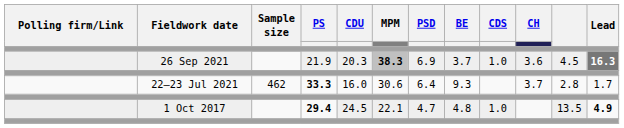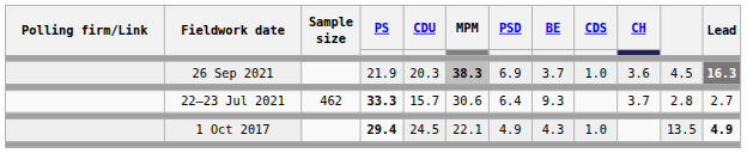 <table class="wikitable sortable mw-datatable" style="text-align:center;font-size:90%;line-height:16px;">
 <tr style="height:42px;">
 <th style="width:145px;" rowspan="2">Polling firm/Link</th>
 <th style="width:125px;" rowspan="2">Fieldwork date</th>
 <th class="unsortable" style="width:50px;" rowspan="2">Sample size</th>
 <th class="unsortable" style="width:35px;"><a href='#'>PS</a></th>
 <th class="unsortable" style="width:35px;"><a href='#'>CDU</a></th>
 <th class="unsortable" style="width:35px;">MPM</th>
 <th class="unsortable" style="width:35px;"><a href='#'>PSD</a></th>
 <th class="unsortable" style="width:35px;"><a href='#'>BE</a></th>
 <th class="unsortable" style="width:35px;"><a href='#'>CDS</a></th>
 <th class="unsortable" style="width:35px;"><a href='#'>CH</a></th>
 <th class="unsortable" style="width:35px;" rowspan="2"></th>
 <th class="unsortable" style="width:30px;" rowspan="2">Lead</th>
 </tr>
 <tr>
 <th class="unsortable" style="color:inherit;background:"></th>
 <th class="unsortable" style="color:inherit;background:"></th>
 <th class="unsortable" style="color:inherit;background:gray;"></th>
 <th class="unsortable" style="color:inherit;background:"></th>
 <th class="unsortable" style="color:inherit;background:"></th>
 <th class="unsortable" style="color:inherit;background:"></th>
 <th class="sortable" style="background:#202056;"></th>
 </tr>
 <tr>
 <td colspan="13" style="background:#A0A0A0"></td>
 </tr>
 <tr>
 <td style="background:#EFEFEF;"><strong></strong></td>
 <td style="background:#EFEFEF;" data-sort-value="2019-10-06">26 Sep 2021</td>
 <td></td>
 <td style="background:#EFEFEF;">21.9<br></td>
 <td style="background:#EFEFEF;">20.3<br></td>
 <td style="background:#C0C0C0"><strong>38.3</strong><br></td>
 <td style="background:#EFEFEF;">6.9<br></td>
 <td style="background:#EFEFEF;">3.7<br></td>
 <td style="background:#EFEFEF;">1.0<br></td>
 <td style="background:#EFEFEF;">3.6<br></td>
 <td style="background:#EFEFEF;">4.5</td>
 <td style="background:#777777; color:white;"><strong>16.3</strong></td>
 </tr>
 <tr>
 <td colspan="13" style="background:#A0A0A0"></td>
 </tr>
 <tr>
 <td align="center"></td>
 <td align="center">22–23 Jul 2021</td>
 <td>462</td>
 <td align="center" ><strong>33.3</strong></td>
-<td align="center">16.0</td>
+<td align="center">15.7</td>
 <td align="center">30.6</td>
 <td align="center">6.4</td>
 <td align="center">9.3</td>
 <td></td>
 <td align="center">3.7</td>
 <td align="center">2.8</td>
-<td style="background:">1.7</td>
+<td style="background:">2.7</td>
 </tr>
 <tr>
 <td colspan="17" style="background:#A0A0A0"></td>
 </tr>
 <tr>
 <td style="background:#EFEFEF;"><strong></strong></td>
 <td style="background:#EFEFEF;" data-sort-value="2019-10-06">1 Oct 2017</td>
 <td></td>
 <td><strong>29.4</strong><br></td>
 <td style="background:#EFEFEF;">24.5<br></td>
 <td style="background:#EFEFEF;">22.1<br></td>
-<td style="background:#EFEFEF;">4.7<br></td>
-<td style="background:#EFEFEF;">4.8<br></td>
+<td style="background:#EFEFEF;">4.9<br></td>
+<td style="background:#EFEFEF;">4.3<br></td>
 <td style="background:#EFEFEF;">1.0<br></td>
 <td></td>
 <td style="background:#EFEFEF;">13.5<br></td>
 <td style="background:"><strong>4.9</strong></td>
 </tr>
 <tr>
 <td colspan="17" style="background:#A0A0A0"></td>
 </tr>
 </table>
